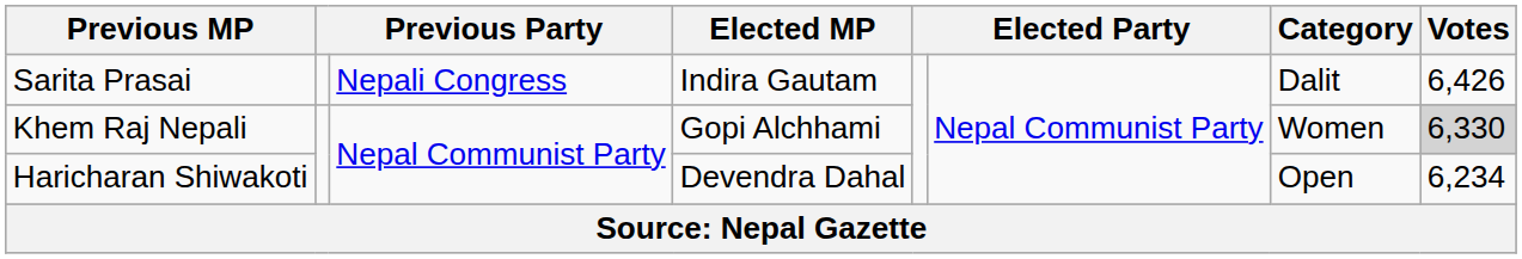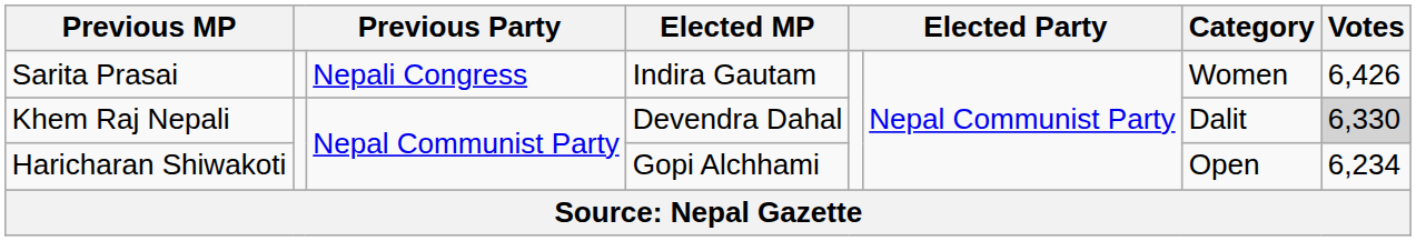 <table class="wikitable">
 <tr>
 <th>Previous MP</th>
 <th colspan="2">Previous Party</th>
 <th>Elected MP</th>
 <th colspan="2">Elected Party</th>
 <th>Category</th>
 <th>Votes</th>
 </tr>
 <tr>
 <td>Sarita Prasai</td>
 <td></td>
 <td><a href='#'>Nepali Congress</a></td>
 <td>Indira Gautam</td>
 <td rowspan="3"></td>
 <td rowspan="3"><a href='#'>Nepal Communist Party</a></td>
-<td>Dalit</td>
+<td>Women</td>
 <td>6,426</td>
 </tr>
 <tr>
 <td>Khem Raj Nepali</td>
 <td rowspan="2"></td>
 <td rowspan="2"><a href='#'>Nepal Communist Party</a></td>
-<td>Gopi Alchhami</td>
-<td>Women</td>
+<td>Devendra Dahal</td>
+<td>Dalit</td>
 <td style="background: lightgrey;">6,330</td>
 </tr>
 <tr>
 <td>Haricharan Shiwakoti</td>
-<td>Devendra Dahal</td>
+<td>Gopi Alchhami</td>
 <td>Open</td>
 <td>6,234</td>
 </tr>
 <tr>
 <th colspan="8">Source: Nepal Gazette</th>
 </tr>
 </table>
